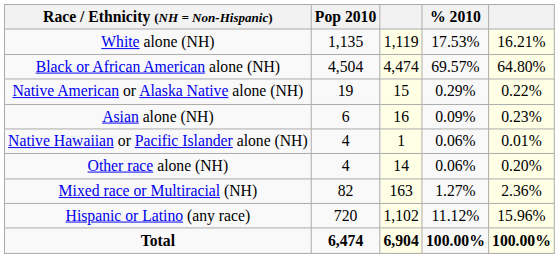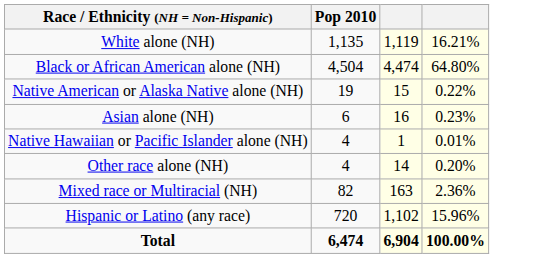 <table class="wikitable" style="text-align:center;">
 <tr>
 <th>Race / Ethnicity <small>(<em>NH = Non-Hispanic</em>)</small></th>
 <th>Pop 2010</th>
 <th></th>
-<th>% 2010</th>
 <th></th>
 </tr>
 <tr>
 <td><a href='#'>White</a> alone (NH)</td>
 <td>1,135</td>
 <td style='background: #ffffe6;'>1,119</td>
-<td>17.53%</td>
 <td style='background: #ffffe6;'>16.21%</td>
 </tr>
 <tr>
 <td><a href='#'>Black or African American</a> alone (NH)</td>
 <td>4,504</td>
 <td style='background: #ffffe6;'>4,474</td>
-<td>69.57%</td>
 <td style='background: #ffffe6;'>64.80%</td>
 </tr>
 <tr>
 <td><a href='#'>Native American</a> or <a href='#'>Alaska Native</a> alone (NH)</td>
 <td>19</td>
 <td style='background: #ffffe6;'>15</td>
-<td>0.29%</td>
 <td style='background: #ffffe6;'>0.22%</td>
 </tr>
 <tr>
 <td><a href='#'>Asian</a> alone (NH)</td>
 <td>6</td>
 <td style='background: #ffffe6;'>16</td>
-<td>0.09%</td>
 <td style='background: #ffffe6;'>0.23%</td>
 </tr>
 <tr>
 <td><a href='#'>Native Hawaiian</a> or <a href='#'>Pacific Islander</a> alone (NH)</td>
 <td>4</td>
 <td style='background: #ffffe6;'>1</td>
-<td>0.06%</td>
 <td style='background: #ffffe6;'>0.01%</td>
 </tr>
 <tr>
 <td><a href='#'>Other race</a> alone (NH)</td>
 <td>4</td>
 <td style='background: #ffffe6;'>14</td>
-<td>0.06%</td>
 <td style='background: #ffffe6;'>0.20%</td>
 </tr>
 <tr>
 <td><a href='#'>Mixed race or Multiracial</a> (NH)</td>
 <td>82</td>
 <td style='background: #ffffe6;'>163</td>
-<td>1.27%</td>
 <td style='background: #ffffe6;'>2.36%</td>
 </tr>
 <tr>
 <td><a href='#'>Hispanic or Latino</a> (any race)</td>
 <td>720</td>
 <td style='background: #ffffe6;'>1,102</td>
-<td>11.12%</td>
 <td style='background: #ffffe6;'>15.96%</td>
 </tr>
 <tr>
 <td><strong>Total</strong></td>
 <td><strong>6,474</strong></td>
 <td style='background: #ffffe6;'><strong>6,904</strong></td>
-<td><strong>100.00%</strong></td>
 <td style='background: #ffffe6;'><strong>100.00%</strong></td>
 </tr>
 </table>
